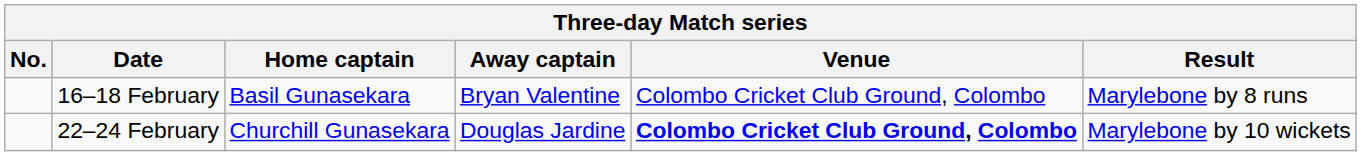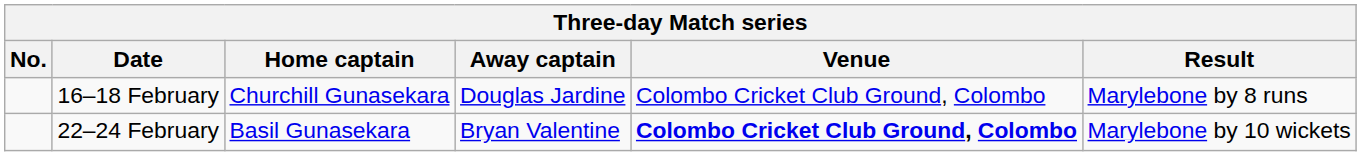 <table class="wikitable">
 <tr>
 <th colspan="9">Three-day Match series</th>
 </tr>
 <tr>
 <th>No.</th>
 <th>Date</th>
 <th>Home captain</th>
 <th>Away captain</th>
 <th>Venue</th>
 <th>Result</th>
 </tr>
 <tr>
 <td></td>
 <td>16–18 February</td>
-<td><a href='#'>Basil Gunasekara</a></td>
-<td><a href='#'>Bryan Valentine</a></td>
+<td><a href='#'>Churchill Gunasekara</a></td>
+<td><a href='#'>Douglas Jardine</a></td>
 <td><a href='#'>Colombo Cricket Club Ground</a>, <a href='#'>Colombo</a></td>
 <td><a href='#'>Marylebone</a> by 8 runs</td>
 </tr>
 <tr>
 <td></td>
 <td>22–24 February</td>
-<td><a href='#'>Churchill Gunasekara</a></td>
-<td><a href='#'>Douglas Jardine</a></td>
+<td><a href='#'>Basil Gunasekara</a></td>
+<td><a href='#'>Bryan Valentine</a></td>
 <td><strong><a href='#'>Colombo Cricket Club Ground</a>, <a href='#'>Colombo</a></strong></td>
 <td><a href='#'>Marylebone</a> by 10 wickets</td>
 </tr>
 </table>
